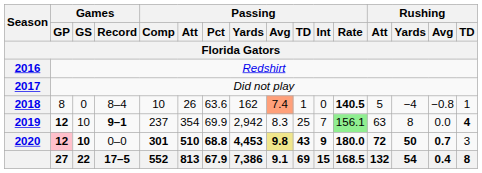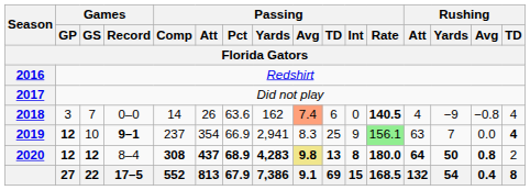 <table class=wikitable style="text-align:center;">
 <tr>
 <th rowspan="2">Season</th>
 <th colspan="3">Games</th>
 <th colspan="8">Passing</th>
 <th colspan="5">Rushing</th>
 </tr>
 <tr>
 <th>GP</th>
 <th>GS</th>
 <th>Record</th>
 <th>Comp</th>
 <th>Att</th>
 <th>Pct</th>
 <th>Yards</th>
 <th>Avg</th>
 <th>TD</th>
 <th>Int</th>
 <th>Rate</th>
 <th>Att</th>
 <th>Yards</th>
 <th>Avg</th>
 <th>TD</th>
 </tr>
 <tr>
 <th colspan="16">Florida Gators</th>
 </tr>
 <tr>
 <th><a href='#'>2016</a></th>
 <td colspan="15"> <em><a href='#'>Redshirt</a></em></td>
 </tr>
 <tr>
 <th><a href='#'>2017</a></th>
 <td colspan="15"><em>Did not play</em></td>
 </tr>
 <tr>
 <th><a href='#'>2018</a></th>
-<td>8</td>
-<td>0</td>
-<td>8–4</td>
-<td>10</td>
+<td>3</td>
+<td>7</td>
+<td>0–0</td>
+<td>14</td>
 <td>26</td>
 <td>63.6</td>
 <td>162</td>
 <td style="background: lightsalmon;">7.4</td>
-<td>1</td>
+<td>6</td>
 <td>0</td>
 <td><strong>140.5</strong></td>
-<td>5</td>
-<td>−4</td>
+<td>4</td>
+<td>−9</td>
 <td>−0.8</td>
-<td>1</td>
+<td>4</td>
 </tr>
 <tr>
 <th><a href='#'>2019</a></th>
 <td><strong>12</strong></td>
 <td>10</td>
 <td><strong>9–1</strong></td>
 <td>237</td>
 <td>354</td>
-<td>69.9</td>
-<td>2,942</td>
+<td>66.9</td>
+<td>2,941</td>
 <td>8.3</td>
 <td>25</td>
-<td>7</td>
+<td>9</td>
 <td style="background: lightgreen;">156.1</td>
 <td>63</td>
-<td>8</td>
+<td>7</td>
 <td>0.0</td>
 <td><strong>4</strong></td>
 </tr>
 <tr>
 <th><a href='#'>2020</a></th>
-<td style="background: pink;"><strong>12</strong></td>
-<td><strong>10</strong></td>
-<td>0–0</td>
-<td><strong>301</strong></td>
-<td><strong>510</strong></td>
-<td><strong>68.8</strong></td>
-<td><strong>4,453</strong></td>
+<td><strong>12</strong></td>
+<td><strong>12</strong></td>
+<td>8–4</td>
+<td><strong>308</strong></td>
+<td><strong>437</strong></td>
+<td><strong>68.9</strong></td>
+<td><strong>4,283</strong></td>
 <td style="background: khaki;"><strong>9.8</strong></td>
-<td><strong>43</strong></td>
-<td><strong>9</strong></td>
+<td><strong>13</strong></td>
+<td><strong>8</strong></td>
 <td><strong>180.0</strong></td>
-<td><strong>72</strong></td>
+<td><strong>64</strong></td>
 <td><strong>50</strong></td>
-<td><strong>0.7</strong></td>
-<td>3</td>
+<td><strong>0.8</strong></td>
+<td>2</td>
 </tr>
 <tr>
 <th></th>
 <th>27</th>
 <th>22</th>
 <th>17–5</th>
 <th>552</th>
 <th>813</th>
 <th>67.9</th>
 <th>7,386</th>
 <th>9.1</th>
 <th>69</th>
 <th>15</th>
 <th>168.5</th>
 <th>132</th>
 <th>54</th>
 <th>0.4</th>
 <th>8</th>
 </tr>
 </table>
